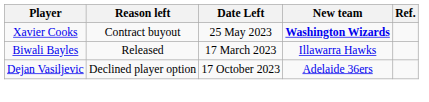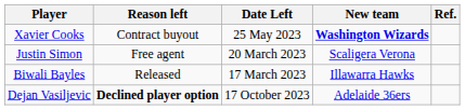 <table class="wikitable sortable sortable" style="text-align: center">
 <tr>
 <th>Player</th>
 <th>Reason left</th>
 <th>Date Left</th>
 <th>New team</th>
 <th>Ref.</th>
 </tr>
 <tr>
 <td><a href='#'>Xavier Cooks</a></td>
 <td>Contract buyout</td>
 <td>25 May 2023</td>
 <td><strong><a href='#'>Washington Wizards</a></strong></td>
 <td></td>
 </tr>
 <tr>
+<td><a href='#'>Justin Simon</a></td>
+<td>Free agent</td>
+<td>20 March 2023</td>
+<td><a href='#'>Scaligera Verona</a></td>
+<td></td>
+</tr>
+<tr>
 <td><a href='#'>Biwali Bayles</a></td>
 <td>Released</td>
 <td>17 March 2023</td>
 <td><a href='#'>Illawarra Hawks</a></td>
 <td></td>
 </tr>
 <tr>
 <td><a href='#'>Dejan Vasiljevic</a></td>
-<td>Declined player option</td>
+<td><strong>Declined player option</strong></td>
 <td>17 October 2023</td>
 <td><a href='#'>Adelaide 36ers</a></td>
 <td></td>
 </tr>
 </table>
